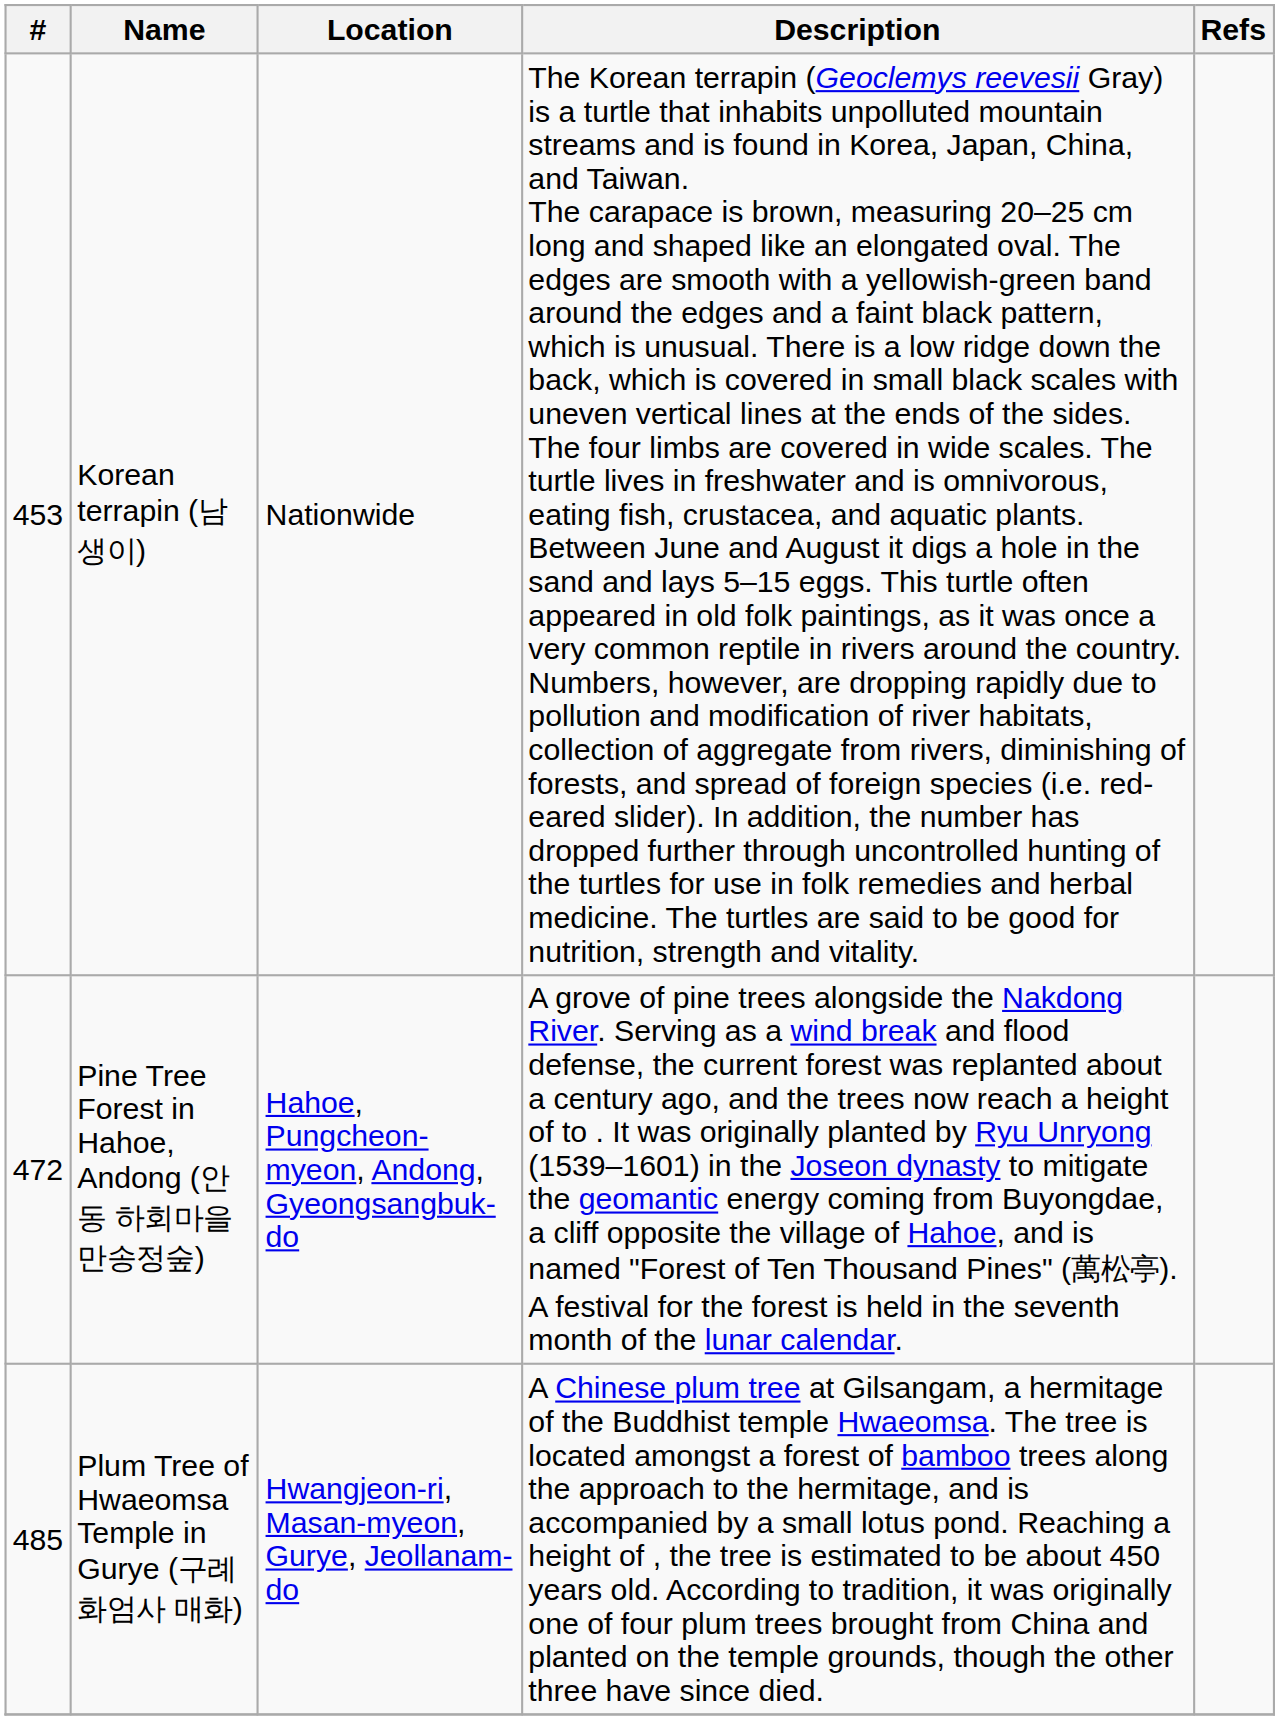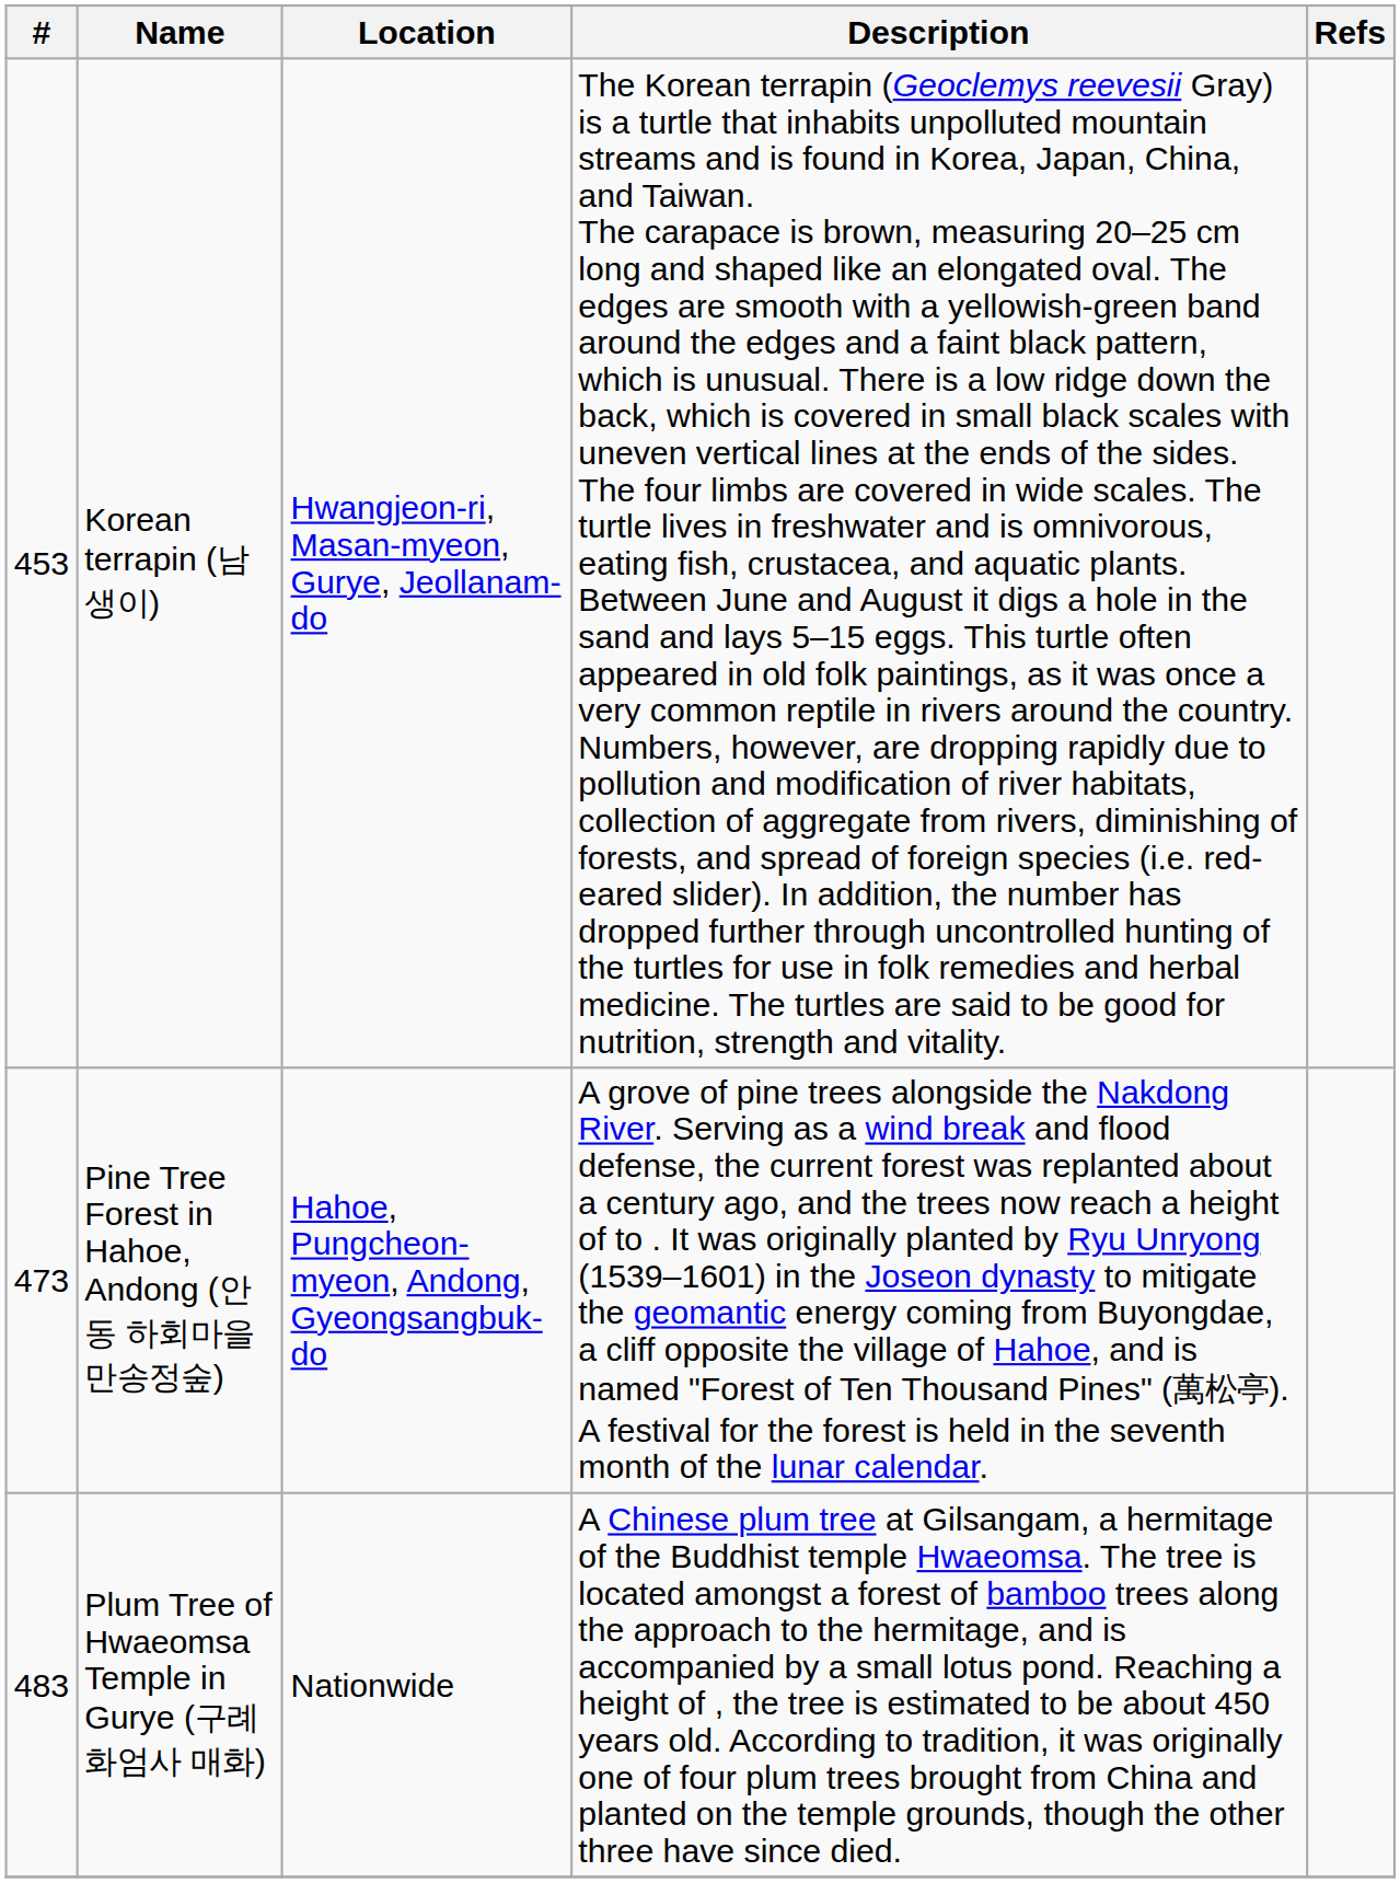 <table class="wikitable sortable" style="margin-left: 5px; font-size: 90%;">
 <tr>
 <th align="center">#</th>
 <th align="center">Name</th>
 <th align="center">Location</th>
 <th align="center">Description</th>
 <th align="center">Refs</th>
 </tr>
 <tr>
 <td>453</td>
 <td>Korean terrapin (남생이)</td>
-<td>Nationwide</td>
+<td><a href='#'>Hwangjeon-ri</a>, <a href='#'>Masan-myeon</a>, <a href='#'>Gurye</a>, <a href='#'>Jeollanam-do</a></td>
 <td>The Korean terrapin (<em><a href='#'>Geoclemys reevesii</a></em> Gray) is a turtle that inhabits unpolluted mountain streams and is found in Korea, Japan, China, and Taiwan.<br>The carapace is brown, measuring 20–25 cm long and shaped like an elongated oval. The edges are smooth with a yellowish-green band around the edges and a faint black pattern, which is unusual. There is a low ridge down the back, which is covered in small black scales with uneven vertical lines at the ends of the sides. The four limbs are covered in wide scales. The turtle lives in freshwater and is omnivorous, eating fish, crustacea, and aquatic plants. Between June and August it digs a hole in the sand and lays 5–15 eggs. This turtle often appeared in old folk paintings, as it was once a very common reptile in rivers around the country. Numbers, however, are dropping rapidly due to pollution and modification of river habitats, collection of aggregate from rivers, diminishing of forests, and spread of foreign species (i.e. red-eared slider). In addition, the number has dropped further through uncontrolled hunting of the turtles for use in folk remedies and herbal medicine. The turtles are said to be good for nutrition, strength and vitality.</td>
 <td></td>
 </tr>
 <tr>
-<td>472</td>
+<td>473</td>
 <td>Pine Tree Forest in Hahoe, Andong (안동 하회마을 만송정숲)</td>
 <td><a href='#'>Hahoe</a>, <a href='#'>Pungcheon-myeon</a>, <a href='#'>Andong</a>, <a href='#'>Gyeongsangbuk-do</a></td>
 <td>A  grove of pine trees alongside the <a href='#'>Nakdong River</a>. Serving as a <a href='#'>wind break</a> and flood defense, the current forest was replanted about a century ago, and the trees now reach a height of  to . It was originally planted by <a href='#'>Ryu Unryong</a> (1539–1601) in the <a href='#'>Joseon dynasty</a> to mitigate the <a href='#'>geomantic</a> energy coming from Buyongdae, a cliff opposite the village of <a href='#'>Hahoe</a>, and is named "Forest of Ten Thousand Pines" (萬松亭). A festival for the forest is held in the seventh month of the <a href='#'>lunar calendar</a>.</td>
 <td></td>
 </tr>
 <tr>
-<td>485</td>
+<td>483</td>
 <td>Plum Tree of Hwaeomsa Temple in Gurye (구례 화엄사 매화)</td>
-<td><a href='#'>Hwangjeon-ri</a>, <a href='#'>Masan-myeon</a>, <a href='#'>Gurye</a>, <a href='#'>Jeollanam-do</a></td>
+<td>Nationwide</td>
 <td>A <a href='#'>Chinese plum tree</a> at Gilsangam, a hermitage of the Buddhist temple <a href='#'>Hwaeomsa</a>. The tree is located amongst a forest of <a href='#'>bamboo</a> trees along the approach to the hermitage, and is accompanied by a small lotus pond. Reaching a height of , the tree is estimated to be about 450 years old. According to tradition, it was originally one of four plum trees brought from China and planted on the temple grounds, though the other three have since died.</td>
 <td></td>
 </tr>
 <tr>
 </tr>
 </table>
